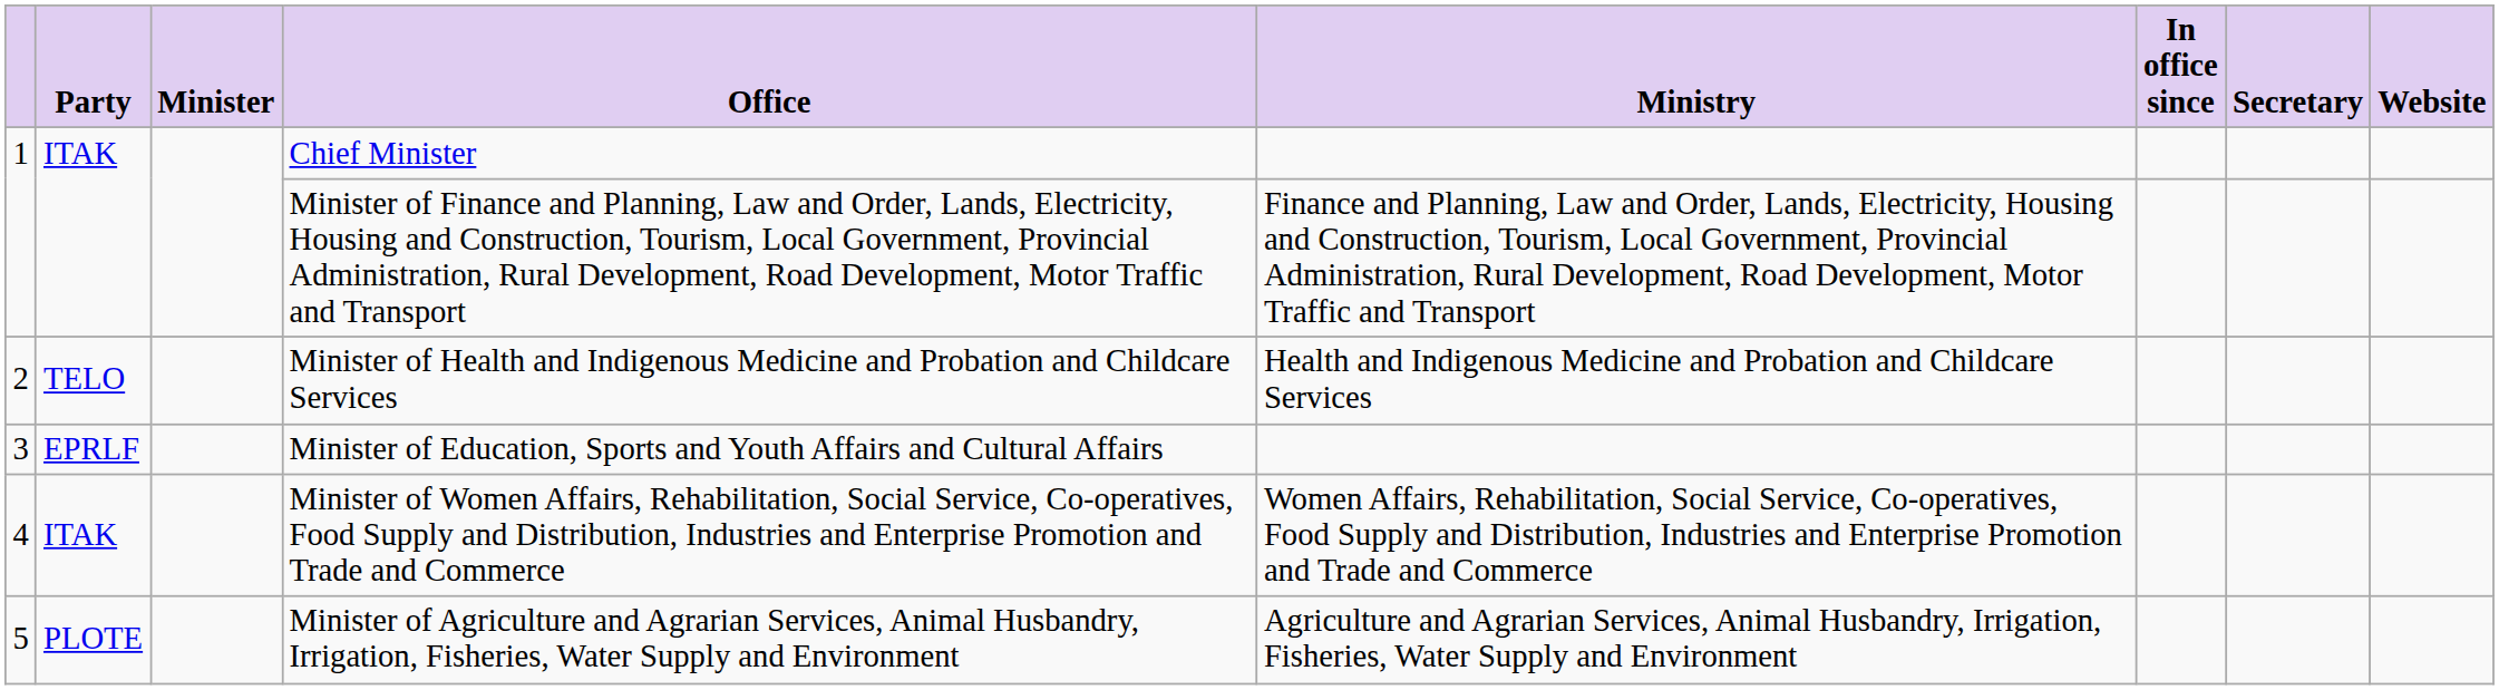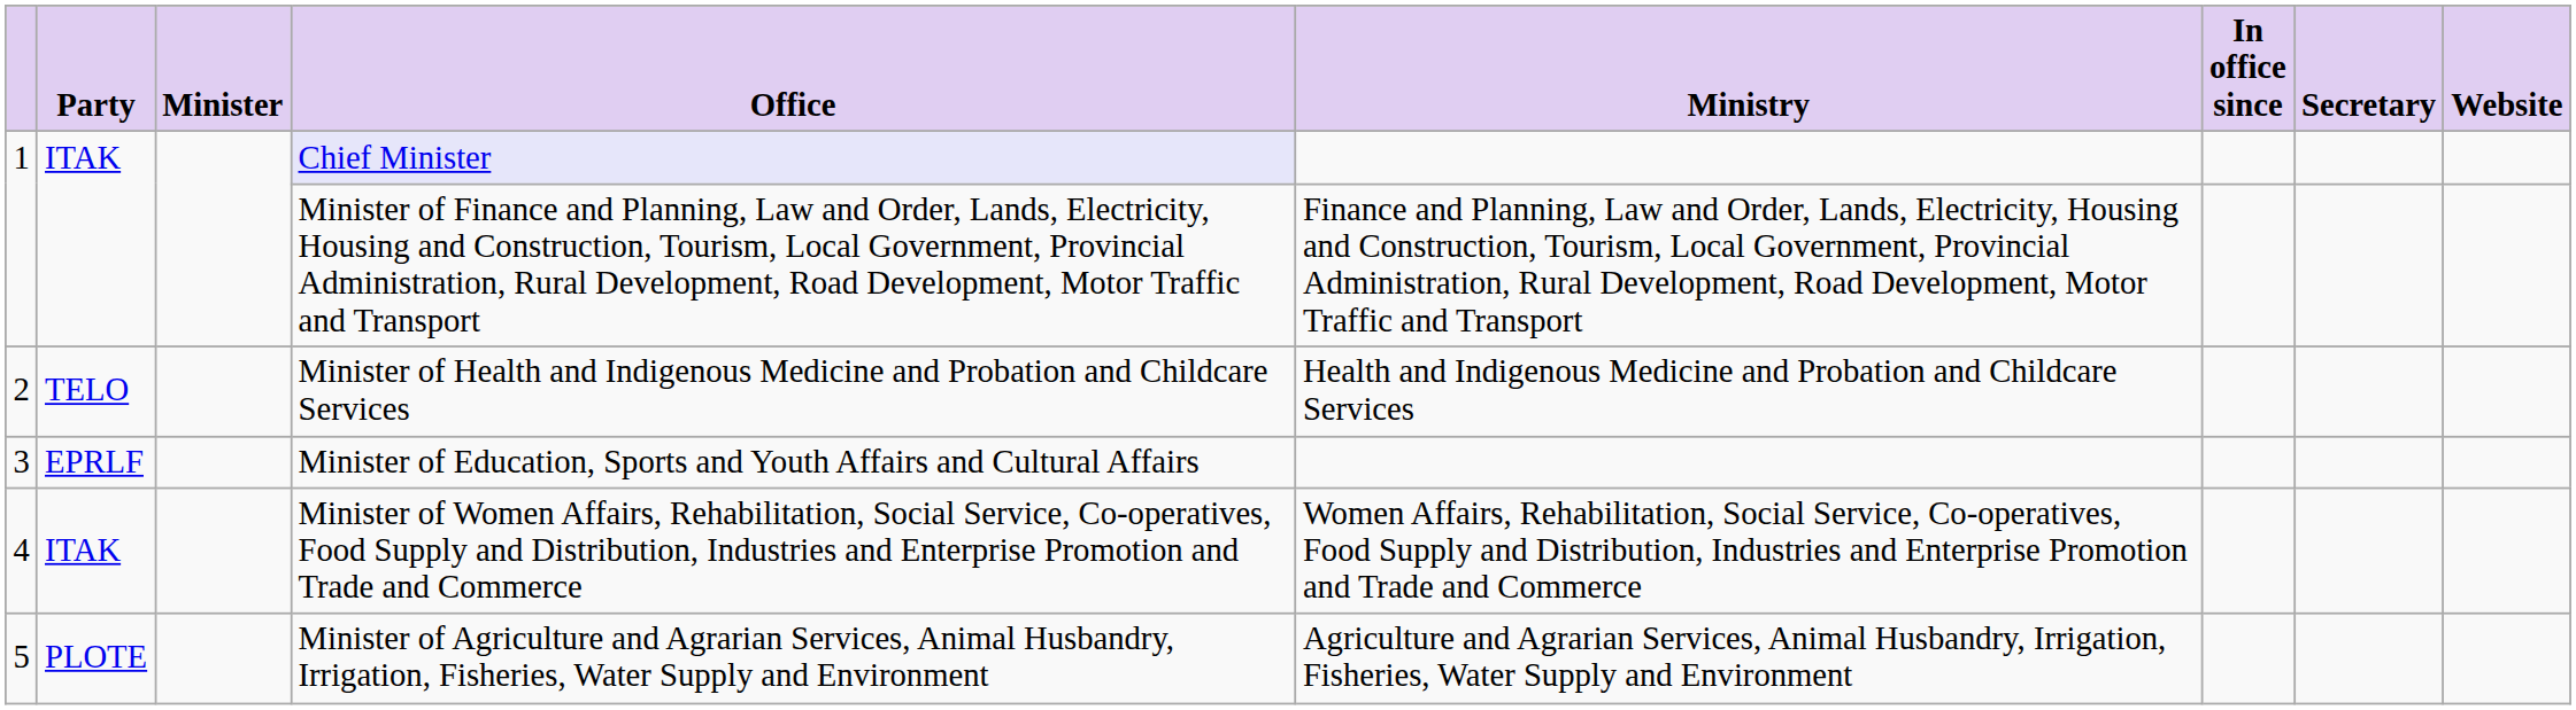 <table class="wikitable sortable" border="1" style="text-align:left; font-size:100%">
 <tr>
 <th style="background-color:#E0CEF2; vertical-align:bottom;"></th>
 <th style="background-color:#E0CEF2; vertical-align:bottom;">Party</th>
 <th style="background-color:#E0CEF2; vertical-align:bottom;">Minister</th>
 <th style="background-color:#E0CEF2; vertical-align:bottom;" width="500">Office</th>
 <th style="background-color:#E0CEF2; vertical-align:bottom;" width="450">Ministry</th>
 <th style="background-color:#E0CEF2; vertical-align:bottom;">In office since</th>
 <th style="background-color:#E0CEF2; vertical-align:bottom;">Secretary</th>
 <th style="background-color:#E0CEF2; vertical-align:bottom;">Website</th>
 </tr>
 <tr style="vertical-align:top;">
 <td rowspan=2>1</td>
 <td rowspan=2 bgcolor=><a href='#'><span>ITAK</span></a></td>
 <td rowspan=2></td>
-<td><a href='#'>Chief Minister</a></td>
+<td style="background: lavender;"><a href='#'>Chief Minister</a></td>
 <td></td>
 <td align=center></td>
 <td></td>
 <td></td>
 </tr>
 <tr style="vertical-align:top;">
 <td>Minister of Finance and Planning, Law and Order, Lands, Electricity, Housing and Construction, Tourism, Local Government, Provincial Administration, Rural Development, Road Development, Motor Traffic and Transport</td>
 <td>Finance and Planning, Law and Order, Lands, Electricity, Housing and Construction, Tourism, Local Government, Provincial Administration, Rural Development, Road Development, Motor Traffic and Transport</td>
 <td align=center></td>
 <td></td>
 <td></td>
 </tr>
 <tr>
 <td>2</td>
 <td bgcolor=><a href='#'><span>TELO</span></a></td>
 <td></td>
 <td>Minister of Health and Indigenous Medicine and Probation and Childcare Services</td>
 <td>Health and Indigenous Medicine and Probation and Childcare Services</td>
 <td align=center></td>
 <td></td>
 <td></td>
 </tr>
 <tr>
 <td>3</td>
 <td bgcolor=><a href='#'><span>EPRLF</span></a></td>
 <td></td>
 <td>Minister of Education, Sports and Youth Affairs and Cultural Affairs</td>
 <td align=center></td>
 <td></td>
 <td></td>
 </tr>
 <tr>
 <td>4</td>
 <td bgcolor=><a href='#'><span>ITAK</span></a></td>
 <td></td>
 <td>Minister of Women Affairs, Rehabilitation, Social Service, Co-operatives, Food Supply and Distribution, Industries and Enterprise Promotion and Trade and Commerce</td>
 <td>Women Affairs, Rehabilitation, Social Service, Co-operatives, Food Supply and Distribution, Industries and Enterprise Promotion and Trade and Commerce</td>
 <td align=center></td>
 <td></td>
 <td></td>
 </tr>
 <tr>
 <td>5</td>
 <td bgcolor=><a href='#'><span>PLOTE</span></a></td>
 <td></td>
 <td>Minister of Agriculture and Agrarian Services, Animal Husbandry, Irrigation, Fisheries, Water Supply and Environment</td>
 <td>Agriculture and Agrarian Services, Animal Husbandry, Irrigation, Fisheries, Water Supply and Environment</td>
 <td align=center></td>
 <td></td>
 <td align=center></td>
 </tr>
 </table>
